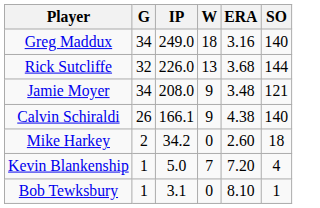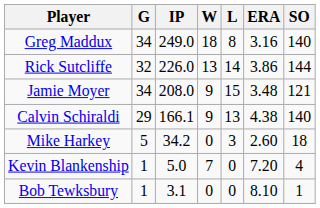 <table class="wikitable sortable" style="text-align:center">
 <tr>
 <th>Player</th>
 <th>G</th>
 <th>IP</th>
 <th>W</th>
+<th>L</th>
 <th>ERA</th>
 <th>SO</th>
 </tr>
 <tr>
 <td><a href='#'>Greg Maddux</a></td>
 <td>34</td>
 <td>249.0</td>
 <td>18</td>
+<td>8</td>
 <td>3.16</td>
 <td>140</td>
 </tr>
 <tr>
 <td><a href='#'>Rick Sutcliffe</a></td>
 <td>32</td>
 <td>226.0</td>
 <td>13</td>
-<td>3.68</td>
+<td>14</td>
+<td>3.86</td>
 <td>144</td>
 </tr>
 <tr>
 <td><a href='#'>Jamie Moyer</a></td>
 <td>34</td>
 <td>208.0</td>
 <td>9</td>
+<td>15</td>
 <td>3.48</td>
 <td>121</td>
 </tr>
 <tr>
 <td><a href='#'>Calvin Schiraldi</a></td>
-<td>26</td>
+<td>29</td>
 <td>166.1</td>
 <td>9</td>
+<td>13</td>
 <td>4.38</td>
 <td>140</td>
 </tr>
 <tr>
 <td><a href='#'>Mike Harkey</a></td>
-<td>2</td>
+<td>5</td>
 <td>34.2</td>
 <td>0</td>
+<td>3</td>
 <td>2.60</td>
 <td>18</td>
 </tr>
 <tr>
 <td><a href='#'>Kevin Blankenship</a></td>
 <td>1</td>
 <td>5.0</td>
 <td>7</td>
+<td>0</td>
 <td>7.20</td>
 <td>4</td>
 </tr>
 <tr>
 <td><a href='#'>Bob Tewksbury</a></td>
 <td>1</td>
 <td>3.1</td>
 <td>0</td>
+<td>0</td>
 <td>8.10</td>
 <td>1</td>
 </tr>
 </table>
